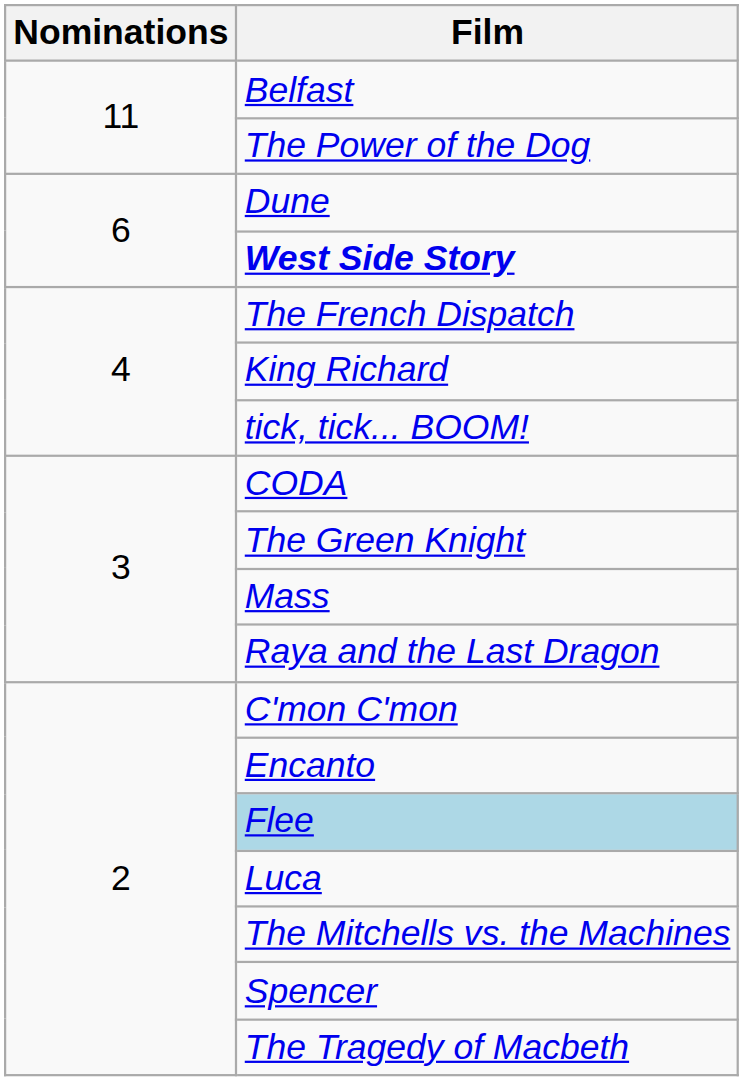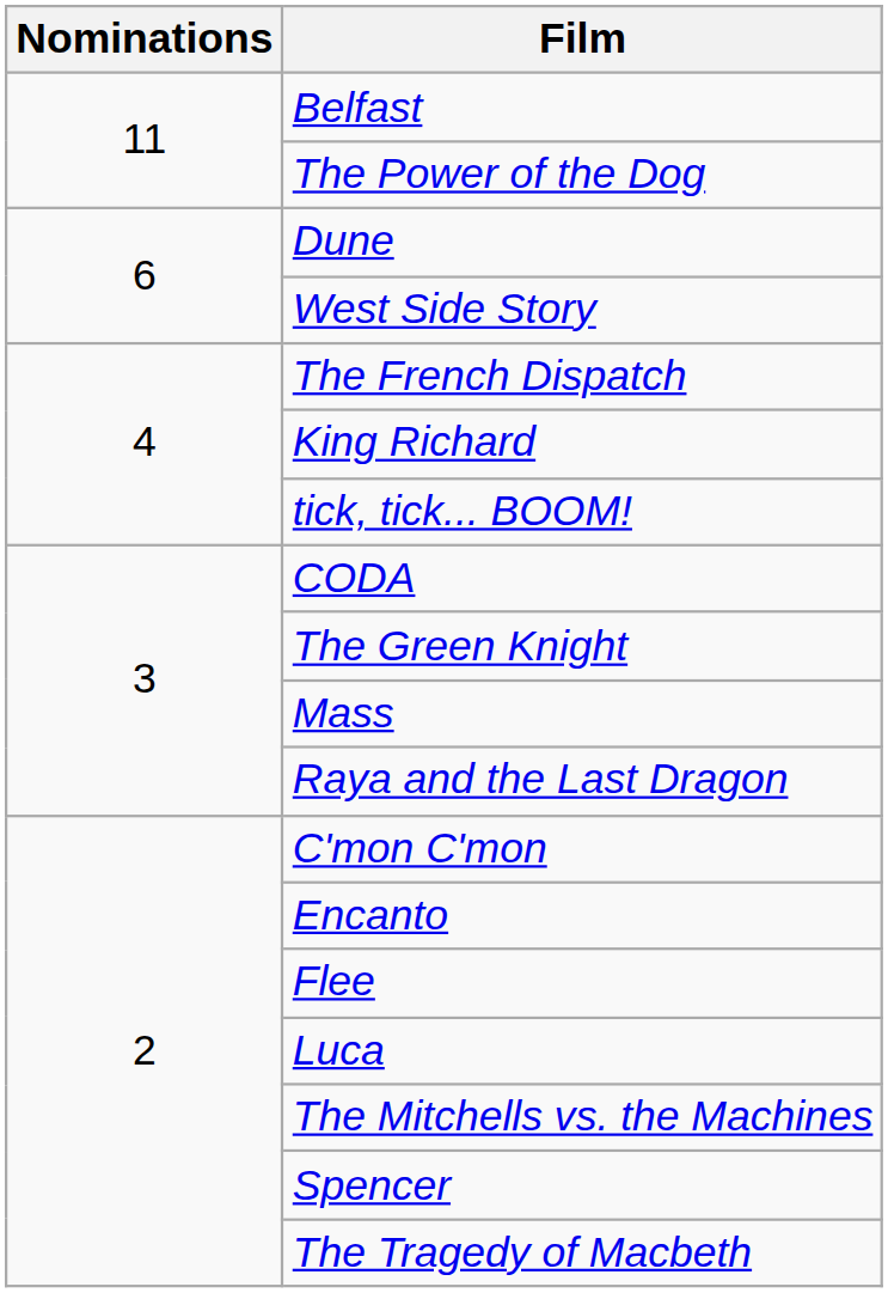 <table class="wikitable">
 <tr>
 <th>Nominations</th>
 <th>Film</th>
 </tr>
 <tr>
 <td rowspan="2" style="text-align:center;">11</td>
 <td><em><a href='#'>Belfast</a></em></td>
 </tr>
 <tr>
 <td><em><a href='#'>The Power of the Dog</a></em></td>
 </tr>
 <tr>
 <td rowspan="2" style="text-align:center;">6</td>
 <td><em><a href='#'>Dune</a></em></td>
 </tr>
 <tr>
-<td><strong><em><a href='#'>West Side Story</a></em></strong></td>
+<td><em><a href='#'>West Side Story</a></em></td>
 </tr>
 <tr>
 <td rowspan="3" style="text-align:center;">4</td>
 <td><em><a href='#'>The French Dispatch</a></em></td>
 </tr>
 <tr>
 <td><em><a href='#'>King Richard</a></em></td>
 </tr>
 <tr>
 <td><em><a href='#'>tick, tick... BOOM!</a></em></td>
 </tr>
 <tr>
 <td rowspan="4" style="text-align:center;">3</td>
 <td><em><a href='#'>CODA</a></em></td>
 </tr>
 <tr>
 <td><em><a href='#'>The Green Knight</a></em></td>
 </tr>
 <tr>
 <td><em><a href='#'>Mass</a></em></td>
 </tr>
 <tr>
 <td><em><a href='#'>Raya and the Last Dragon</a></em></td>
 </tr>
 <tr>
 <td rowspan="7" style="text-align:center;">2</td>
 <td><em><a href='#'>C'mon C'mon</a></em></td>
 </tr>
 <tr>
 <td><em><a href='#'>Encanto</a></em></td>
 </tr>
 <tr>
-<td style="background: lightblue;"><em><a href='#'>Flee</a></em></td>
+<td><em><a href='#'>Flee</a></em></td>
 </tr>
 <tr>
 <td><em><a href='#'>Luca</a></em></td>
 </tr>
 <tr>
 <td><em><a href='#'>The Mitchells vs. the Machines</a></em></td>
 </tr>
 <tr>
 <td><em><a href='#'>Spencer</a></em></td>
 </tr>
 <tr>
 <td><em><a href='#'>The Tragedy of Macbeth</a></em></td>
 </tr>
 </table>
